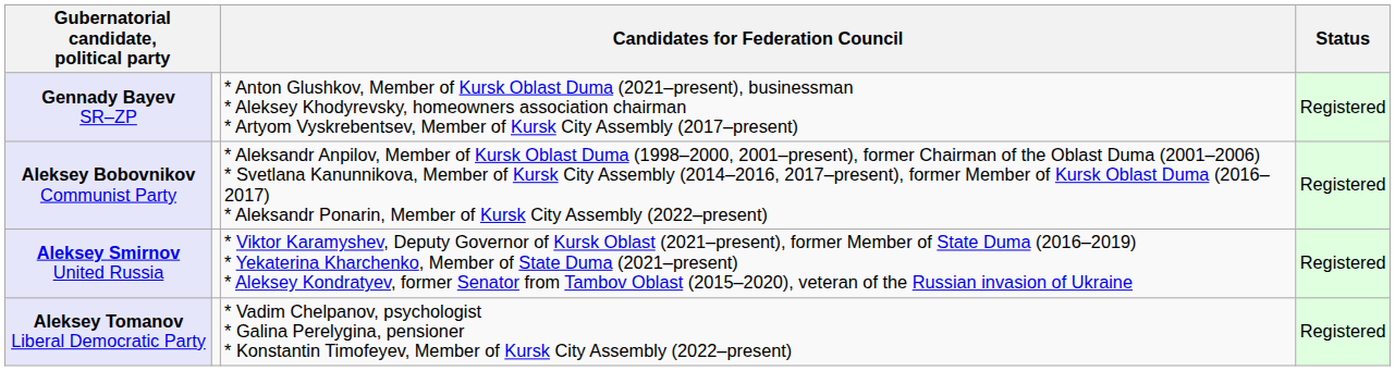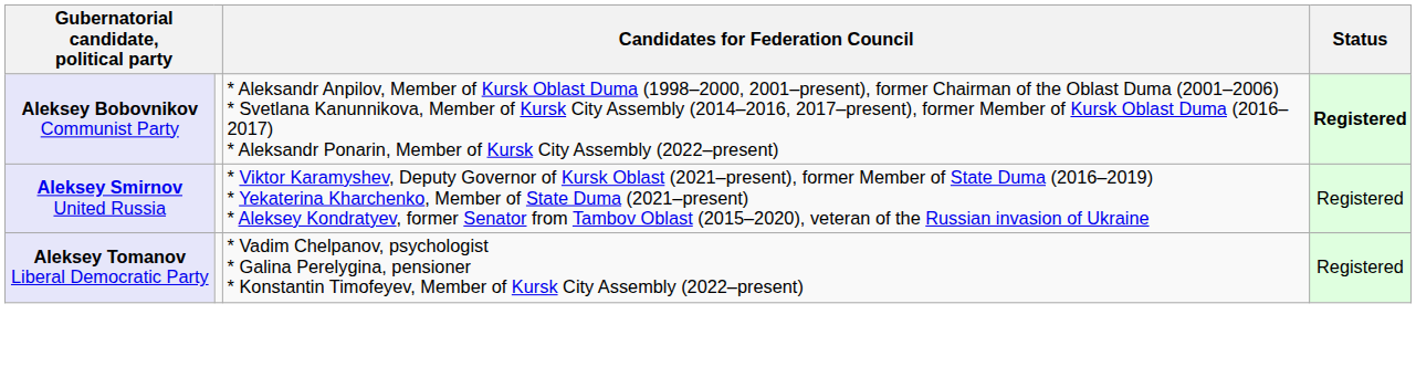 <table class="wikitable" style="text-align:center;">
 <tr>
 <th colspan="2">Gubernatorial candidate,<br>political party</th>
 <th>Candidates for Federation Council</th>
 <th>Status</th>
 </tr>
 <tr>
-<td style="background:lavender;"><strong>Gennady Bayev</strong><br><a href='#'>SR–ZP</a></td>
-<td style="background-color:"></td>
-<td align=left>* Anton Glushkov, Member of <a href='#'>Kursk Oblast Duma</a> (2021–present), businessman<br>* Aleksey Khodyrevsky, homeowners association chairman<br>* Artyom Vyskrebentsev, Member of <a href='#'>Kursk</a> City Assembly (2017–present)</td>
-<td bgcolor="#DFFFDF">Registered</td>
-</tr>
-<tr>
 <td style="background:lavender;"><strong>Aleksey Bobovnikov</strong><br><a href='#'>Communist Party</a></td>
 <td style="background-color:"></td>
 <td align=left>* Aleksandr Anpilov, Member of <a href='#'>Kursk Oblast Duma</a> (1998–2000, 2001–present), former Chairman of the Oblast Duma (2001–2006)<br>* Svetlana Kanunnikova, Member of <a href='#'>Kursk</a> City Assembly (2014–2016, 2017–present), former Member of <a href='#'>Kursk Oblast Duma</a> (2016–2017)<br>* Aleksandr Ponarin, Member of <a href='#'>Kursk</a> City Assembly (2022–present)</td>
-<td bgcolor="#DFFFDF">Registered</td>
+<td bgcolor="#DFFFDF"><strong>Registered</strong></td>
 </tr>
 <tr>
 <td style="background:lavender;"><strong><a href='#'>Aleksey Smirnov</a></strong><br><a href='#'>United Russia</a></td>
 <td style="background-color:"></td>
 <td align=left>* <a href='#'>Viktor Karamyshev</a>, Deputy Governor of <a href='#'>Kursk Oblast</a> (2021–present), former Member of <a href='#'>State Duma</a> (2016–2019)<br>* <a href='#'>Yekaterina Kharchenko</a>, Member of <a href='#'>State Duma</a> (2021–present)<br>* <a href='#'>Aleksey Kondratyev</a>, former <a href='#'>Senator</a> from <a href='#'>Tambov Oblast</a> (2015–2020), veteran of the <a href='#'>Russian invasion of Ukraine</a></td>
 <td bgcolor="#DFFFDF">Registered</td>
 </tr>
 <tr>
 <td style="background:lavender;"><strong>Aleksey Tomanov</strong><br><a href='#'>Liberal Democratic Party</a></td>
 <td style="background-color:"></td>
 <td align=left>* Vadim Chelpanov, psychologist<br>* Galina Perelygina, pensioner<br>* Konstantin Timofeyev, Member of <a href='#'>Kursk</a> City Assembly (2022–present)</td>
 <td bgcolor="#DFFFDF">Registered</td>
 </tr>
 </table>
